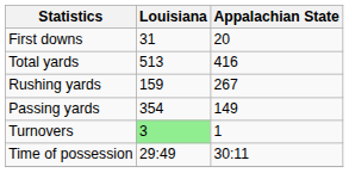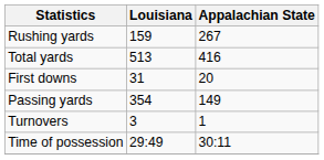 <table class="wikitable">
 <tr>
 <th>Statistics</th>
 <th>Louisiana</th>
 <th>Appalachian State</th>
 </tr>
 <tr>
-<td>First downs</td>
-<td>31</td>
-<td>20</td>
+<td>Rushing yards</td>
+<td>159</td>
+<td>267</td>
 </tr>
 <tr>
 <td>Total yards</td>
 <td>513</td>
 <td>416</td>
 </tr>
 <tr>
-<td>Rushing yards</td>
-<td>159</td>
-<td>267</td>
+<td>First downs</td>
+<td>31</td>
+<td>20</td>
 </tr>
 <tr>
 <td>Passing yards</td>
 <td>354</td>
 <td>149</td>
 </tr>
 <tr>
 <td>Turnovers</td>
-<td style="background: lightgreen;">3</td>
+<td>3</td>
 <td>1</td>
 </tr>
 <tr>
 <td>Time of possession</td>
 <td>29:49</td>
 <td>30:11</td>
 </tr>
 <tr>
 </tr>
 </table>
